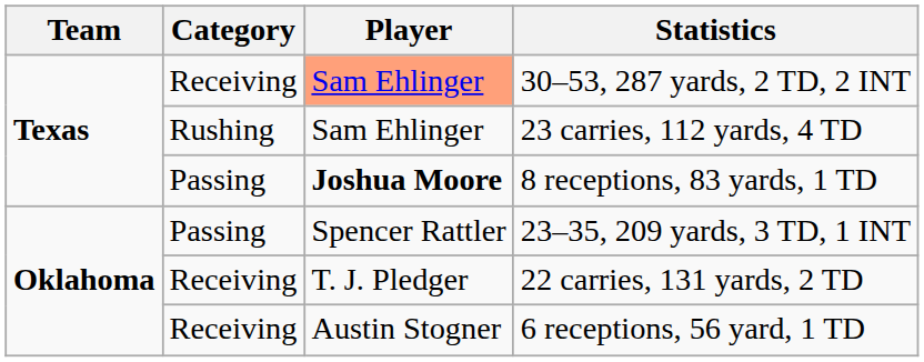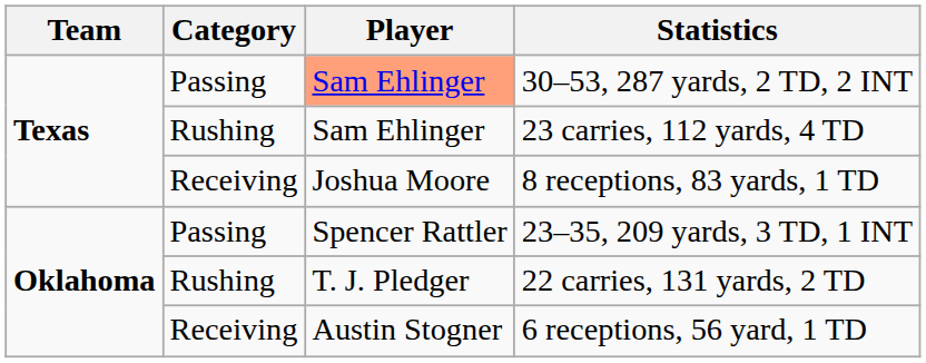 <table class="wikitable" style="float: right;">
 <tr>
 <th>Team</th>
 <th>Category</th>
 <th>Player</th>
 <th>Statistics</th>
 </tr>
 <tr>
 <td rowspan=3><strong>Texas</strong></td>
-<td>Receiving</td>
+<td>Passing</td>
 <td style="background: lightsalmon;"><a href='#'>Sam Ehlinger</a></td>
 <td>30–53, 287 yards, 2 TD, 2 INT</td>
 </tr>
 <tr>
 <td>Rushing</td>
 <td>Sam Ehlinger</td>
 <td>23 carries, 112 yards, 4 TD</td>
 </tr>
 <tr>
-<td>Passing</td>
-<td><strong>Joshua Moore</strong></td>
+<td>Receiving</td>
+<td>Joshua Moore</td>
 <td>8 receptions, 83 yards, 1 TD</td>
 </tr>
 <tr>
 <td rowspan=3><strong>Oklahoma</strong></td>
 <td>Passing</td>
 <td>Spencer Rattler</td>
 <td>23–35, 209 yards, 3 TD, 1 INT</td>
 </tr>
 <tr>
-<td>Receiving</td>
+<td>Rushing</td>
 <td>T. J. Pledger</td>
 <td>22 carries, 131 yards, 2 TD</td>
 </tr>
 <tr>
 <td>Receiving</td>
 <td>Austin Stogner</td>
 <td>6 receptions, 56 yard, 1 TD</td>
 </tr>
 </table>
